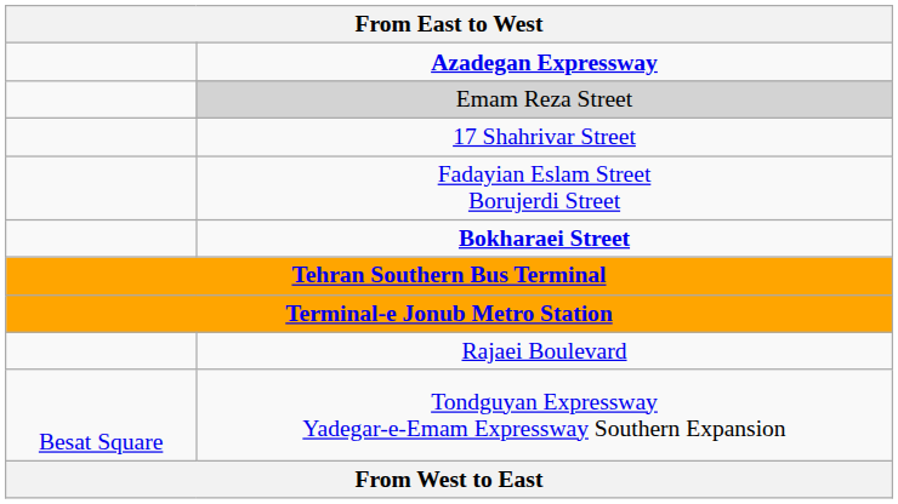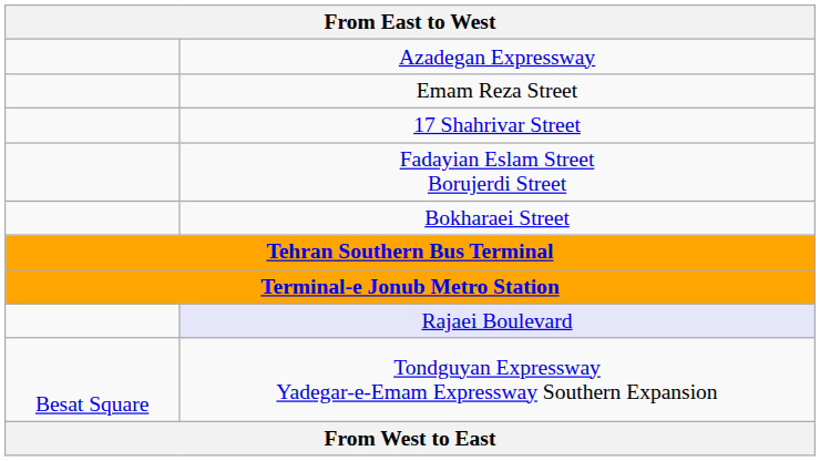 <table class="wikitable" style="text-align:center" width="600px">
 <tr>
 <th text-align="center" colspan="3"> From East to West </th>
 </tr>
 <tr>
 <td><br></td>
-<td><strong> <a href='#'>Azadegan Expressway</a></strong></td>
+<td> <a href='#'>Azadegan Expressway</a></td>
 </tr>
 <tr>
 <td></td>
-<td style="background: lightgrey;"> Emam Reza Street</td>
+<td> Emam Reza Street</td>
 </tr>
 <tr>
 <td></td>
 <td> <a href='#'>17 Shahrivar Street</a></td>
 </tr>
 <tr>
 <td></td>
 <td> <a href='#'>Fadayian Eslam Street</a><br> <a href='#'>Borujerdi Street</a></td>
 </tr>
 <tr>
 <td></td>
-<td><strong> <a href='#'>Bokharaei Street</a></strong></td>
+<td> <a href='#'>Bokharaei Street</a></td>
 </tr>
 <tr>
 <td text-align="center" colspan="3" style="background: orange; color: white;"> <strong><a href='#'><span>Tehran Southern Bus Terminal</span></a></strong></td>
 </tr>
 <tr>
 <td text-align="center" colspan="3" style="background: orange; color: white;"> <strong><a href='#'><span>Terminal-e Jonub Metro Station</span></a></strong></td>
 </tr>
 <tr>
 <td></td>
-<td> <a href='#'>Rajaei Boulevard</a></td>
+<td style="background: lavender;"> <a href='#'>Rajaei Boulevard</a></td>
 </tr>
 <tr>
 <td><br><br><a href='#'>Besat Square</a></td>
 <td> <a href='#'>Tondguyan Expressway</a><br> <a href='#'>Yadegar-e-Emam Expressway</a> Southern Expansion</td>
 </tr>
 <tr>
 <th text-align="center" colspan="3"> From West to East </th>
 </tr>
 </table>
